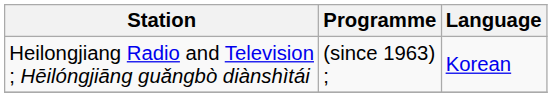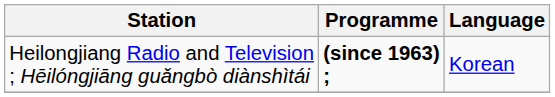 <table border="1" class="wikitable">
 <tr>
 <th>Station</th>
 <th>Programme</th>
 <th>Language</th>
 </tr>
 <tr>
 <td>Heilongjiang <a href='#'>Radio</a> and <a href='#'>Television</a><br> ; <em>Hēilóngjiāng guǎngbò diànshìtái</em></td>
-<td> (since 1963)<br> ; <em></em></td>
+<td><strong> (since 1963)<br> ; <em></em></strong></td>
 <td><a href='#'>Korean</a></td>
 </tr>
 <tr>
 </tr>
 </table>
